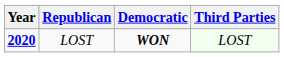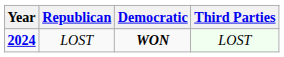 <table class="wikitable" style="float:right; font-size:95%;">
 <tr bgcolor=lightgrey>
 <th>Year</th>
 <th><a href='#'>Republican</a></th>
 <th><a href='#'>Democratic</a></th>
 <th><a href='#'>Third Parties</a></th>
 </tr>
 <tr>
-<td style="text-align:center; "><strong><a href='#'>2020</a></strong></td>
+<td style="text-align:center; "><strong><a href='#'>2024</a></strong></td>
 <td style="text-align:center; "><em>LOST</em></td>
 <td style="text-align:center; "><strong><em>WON</em></strong></td>
 <td style="text-align:center; background:honeyDew;"><em>LOST</em></td>
 </tr>
 </table>
